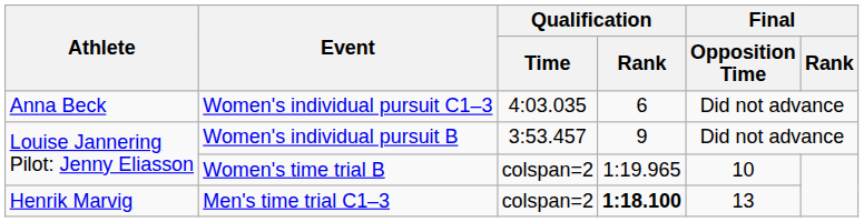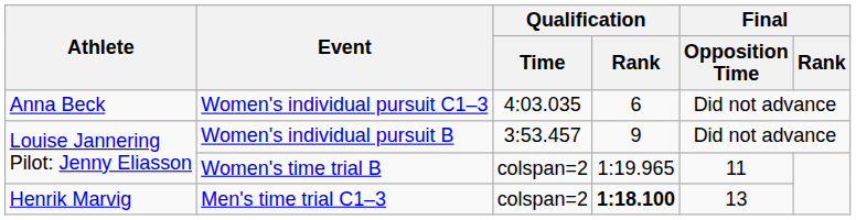 <table class=wikitable>
 <tr>
 <th rowspan=2>Athlete</th>
 <th rowspan=2>Event</th>
 <th colspan=2>Qualification</th>
 <th colspan=2>Final</th>
 </tr>
 <tr>
 <th>Time</th>
 <th>Rank</th>
 <th>Opposition<br>Time</th>
 <th>Rank</th>
 </tr>
 <tr align=center>
 <td align=left><a href='#'>Anna Beck</a></td>
 <td align=left><a href='#'>Women's individual pursuit C1–3</a></td>
 <td>4:03.035</td>
 <td>6</td>
 <td colspan=2>Did not advance</td>
 </tr>
 <tr align=center>
 <td align=left rowspan=2><a href='#'>Louise Jannering</a><br>Pilot: <a href='#'>Jenny Eliasson</a></td>
 <td align=left><a href='#'>Women's individual pursuit B</a></td>
 <td>3:53.457</td>
 <td>9</td>
 <td colspan=2>Did not advance</td>
 </tr>
 <tr align=center>
 <td align=left><a href='#'>Women's time trial B</a></td>
 <td>colspan=2 </td>
 <td>1:19.965</td>
-<td>10</td>
+<td>11</td>
 </tr>
 <tr align=center>
 <td align=left rowspan=2><a href='#'>Henrik Marvig</a></td>
 <td align=left><a href='#'>Men's time trial C1–3</a></td>
 <td>colspan=2 </td>
 <td><strong>1:18.100</strong></td>
 <td>13</td>
 </tr>
 </table>
